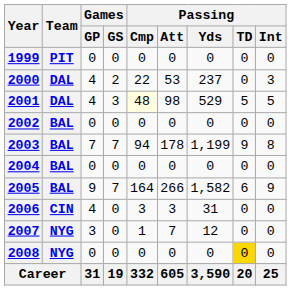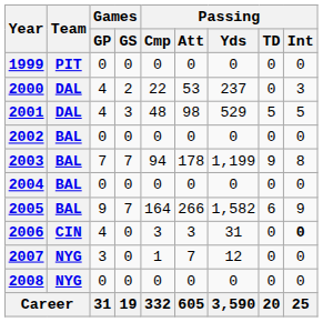 <table class=wikitable style="text-align:center;">
 <tr>
 <th rowspan="2">Year</th>
 <th rowspan="2">Team</th>
 <th colspan="2">Games</th>
 <th colspan="5">Passing</th>
 </tr>
 <tr>
 <th>GP</th>
 <th>GS</th>
 <th>Cmp</th>
 <th>Att</th>
 <th>Yds</th>
 <th>TD</th>
 <th>Int</th>
 </tr>
 <tr>
 <th><a href='#'>1999</a></th>
 <th><a href='#'>PIT</a></th>
 <td>0</td>
 <td>0</td>
 <td>0</td>
 <td>0</td>
 <td>0</td>
 <td>0</td>
 <td>0</td>
 </tr>
 <tr>
 <th><a href='#'>2000</a></th>
 <th><a href='#'>DAL</a></th>
 <td>4</td>
 <td>2</td>
 <td>22</td>
 <td>53</td>
 <td>237</td>
 <td>0</td>
 <td>3</td>
 </tr>
 <tr>
 <th><a href='#'>2001</a></th>
 <th><a href='#'>DAL</a></th>
 <td>4</td>
 <td>3</td>
-<td style="background: lightyellow;">48</td>
+<td>48</td>
 <td>98</td>
 <td>529</td>
 <td>5</td>
 <td>5</td>
 </tr>
 <tr>
 <th><a href='#'>2002</a></th>
 <th><a href='#'>BAL</a></th>
 <td>0</td>
 <td>0</td>
 <td>0</td>
 <td>0</td>
 <td>0</td>
 <td>0</td>
 <td>0</td>
 </tr>
 <tr>
 <th><a href='#'>2003</a></th>
 <th><a href='#'>BAL</a></th>
 <td>7</td>
 <td>7</td>
 <td>94</td>
 <td>178</td>
 <td>1,199</td>
 <td>9</td>
 <td>8</td>
 </tr>
 <tr>
 <th><a href='#'>2004</a></th>
 <th><a href='#'>BAL</a></th>
 <td>0</td>
 <td>0</td>
 <td>0</td>
 <td>0</td>
 <td>0</td>
 <td>0</td>
 <td>0</td>
 </tr>
 <tr>
 <th><a href='#'>2005</a></th>
 <th><a href='#'>BAL</a></th>
 <td>9</td>
 <td>7</td>
 <td>164</td>
 <td>266</td>
 <td>1,582</td>
 <td>6</td>
 <td>9</td>
 </tr>
 <tr>
 <th><a href='#'>2006</a></th>
 <th><a href='#'>CIN</a></th>
 <td>4</td>
 <td>0</td>
 <td>3</td>
 <td>3</td>
 <td>31</td>
 <td>0</td>
-<td>0</td>
+<td><strong>0</strong></td>
 </tr>
 <tr>
 <th><a href='#'>2007</a></th>
 <th><a href='#'>NYG</a></th>
 <td>3</td>
 <td>0</td>
 <td>1</td>
 <td>7</td>
 <td>12</td>
 <td>0</td>
 <td>0</td>
 </tr>
 <tr>
 <th><a href='#'>2008</a></th>
 <th><a href='#'>NYG</a></th>
 <td>0</td>
 <td>0</td>
 <td>0</td>
 <td>0</td>
 <td>0</td>
-<td style="background: gold;">0</td>
+<td>0</td>
 <td>0</td>
 </tr>
 <tr>
 <th colspan="2">Career</th>
 <th>31</th>
 <th>19</th>
 <th>332</th>
 <th>605</th>
 <th>3,590</th>
 <th>20</th>
 <th>25</th>
 </tr>
 </table>
